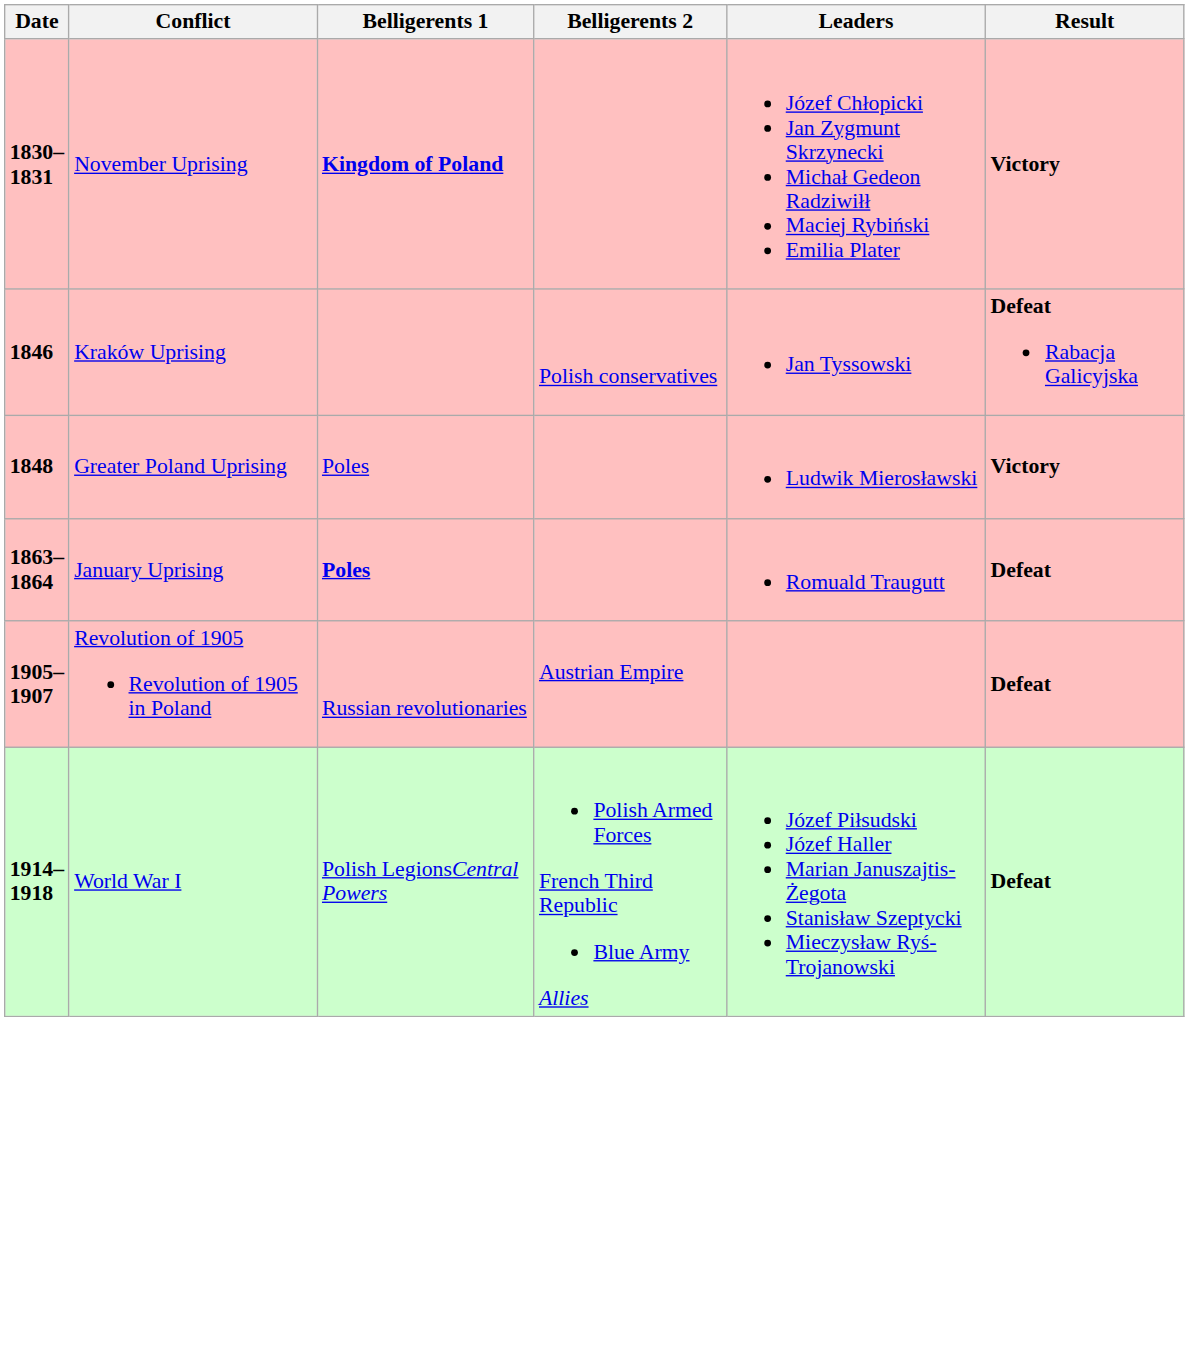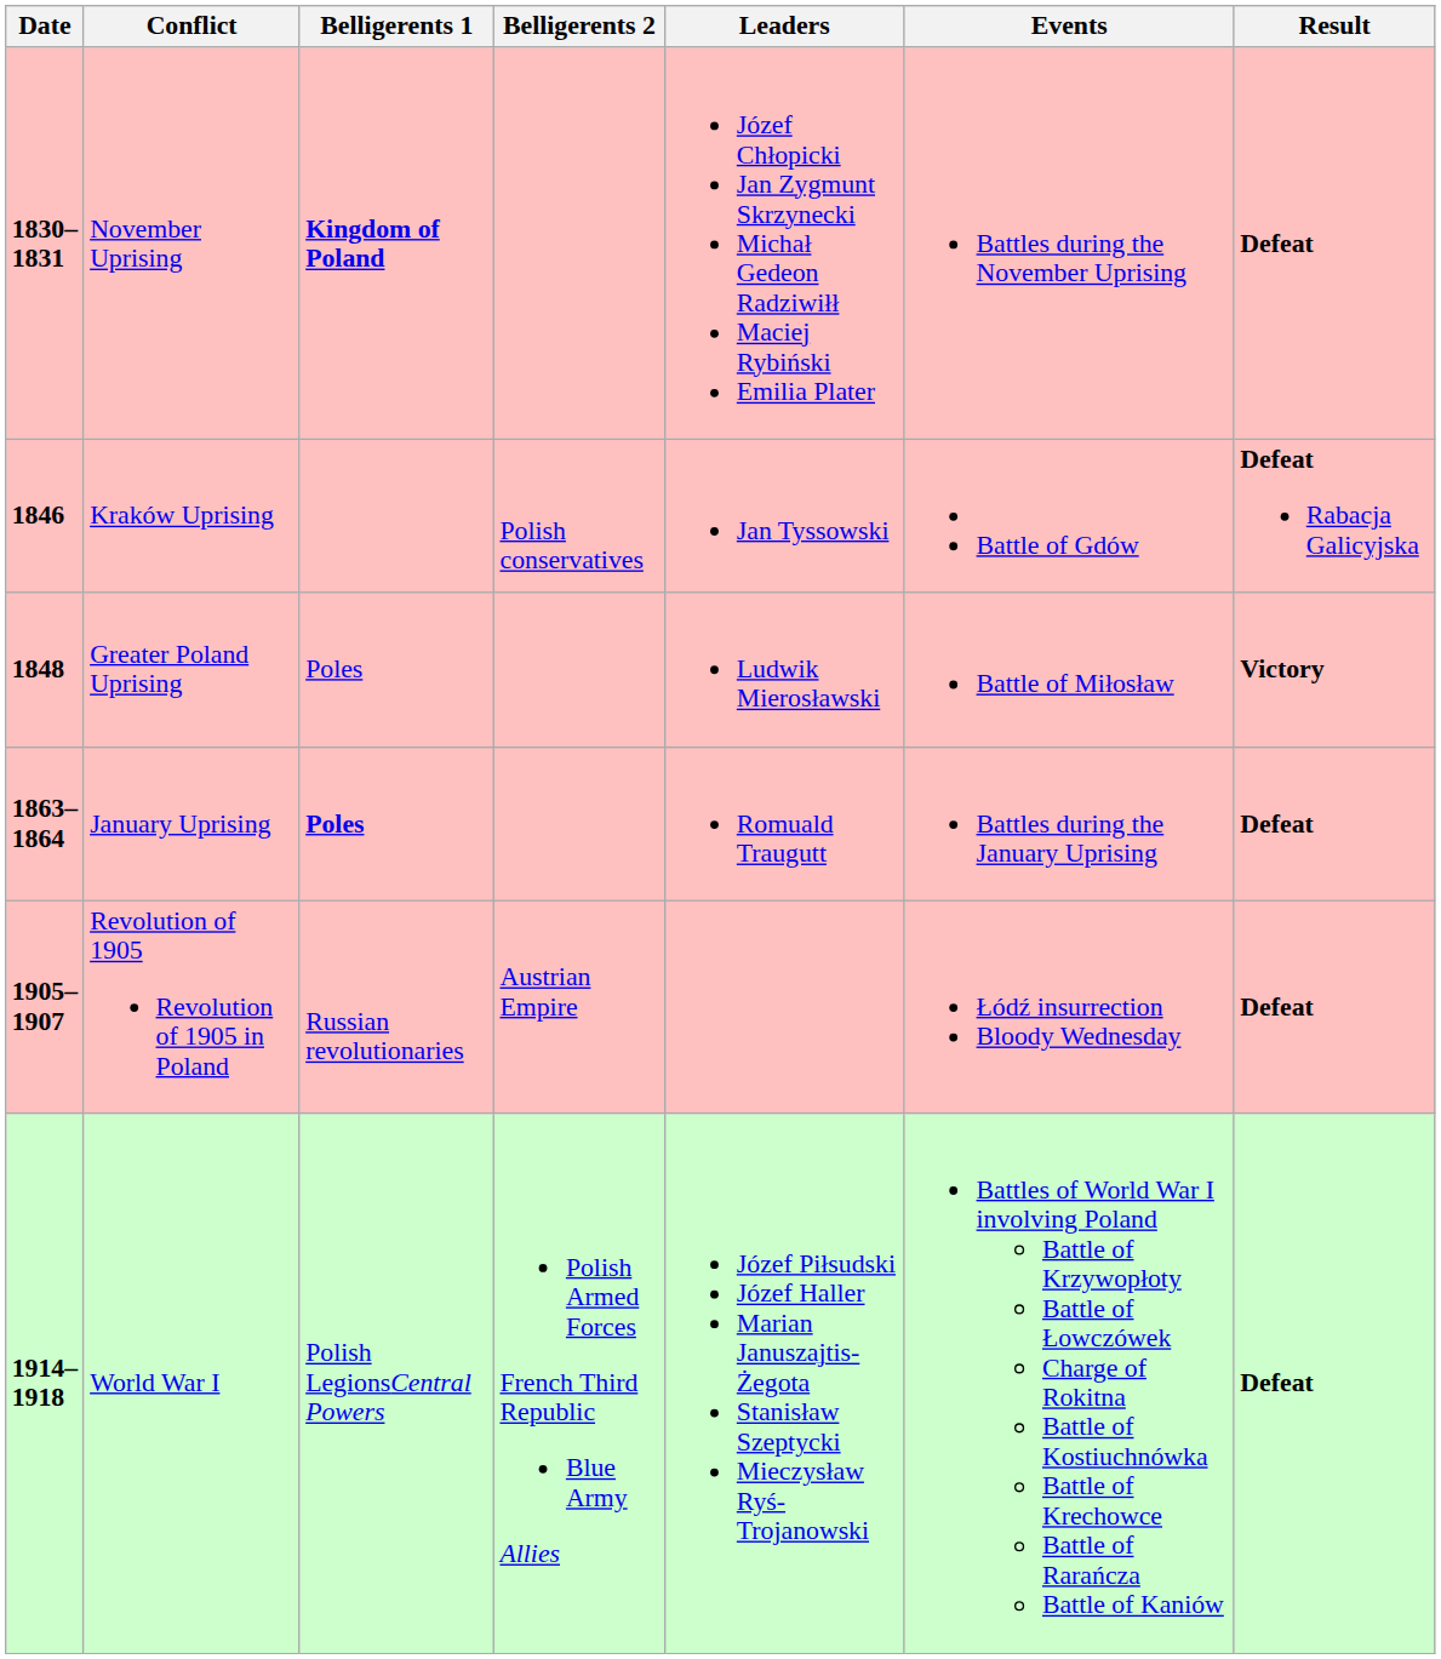 <table class="wikitable sortable">
 <tr>
 <th>Date</th>
 <th>Conflict</th>
 <th>Belligerents 1</th>
 <th>Belligerents 2</th>
 <th>Leaders</th>
+<th>Events</th>
 <th>Result</th>
 </tr>
 <tr ---- bgcolor="#FFC0C0">
 <td><strong>1830–</strong><br><strong>1831</strong></td>
 <td><a href='#'>November Uprising</a></td>
 <td><strong> <a href='#'>Kingdom of Poland</a></strong></td>
 <td></td>
 <td><br><ul><li><a href='#'>Józef Chłopicki</a></li><li><a href='#'>Jan Zygmunt Skrzynecki</a></li><li><a href='#'>Michał Gedeon Radziwiłł</a></li><li><a href='#'>Maciej Rybiński</a></li><li><a href='#'>Emilia Plater</a></li></ul></td>
-<td><strong>Victory</strong></td>
+<td><br><ul><li><a href='#'>Battles during the November Uprising</a></li></ul></td>
+<td><strong>Defeat</strong></td>
 </tr>
 <tr --- bgcolor="#FFC0C0">
 <td><strong>1846</strong></td>
 <td><a href='#'>Kraków Uprising</a></td>
 <td> </td>
 <td><br><br> <a href='#'>Polish conservatives</a></td>
 <td><br><ul><li><a href='#'>Jan Tyssowski</a></li></ul></td>
+<td><br><ul><li></li><li><a href='#'>Battle of Gdów</a></li></ul></td>
 <td><strong>Defeat</strong><br><ul><li><a href='#'>Rabacja Galicyjska</a></li></ul></td>
 </tr>
 <tr --- bgcolor="#FFC0C0">
 <td><strong>1848</strong></td>
 <td><a href='#'>Greater Poland Uprising</a></td>
 <td><a href='#'>Poles</a></td>
 <td></td>
 <td><br><ul><li><a href='#'>Ludwik Mierosławski</a></li></ul></td>
+<td><br><ul><li><a href='#'>Battle of Miłosław</a></li></ul></td>
 <td><strong>Victory</strong></td>
 </tr>
 <tr --- bgcolor="#FFC0C0">
 <td><strong>1863–</strong><br><strong>1864</strong></td>
 <td><a href='#'>January Uprising</a></td>
 <td><strong> <a href='#'>Poles</a></strong></td>
 <td></td>
 <td><br><ul><li><a href='#'>Romuald Traugutt</a></li></ul></td>
+<td><br><ul><li><a href='#'>Battles during the January Uprising</a></li></ul></td>
 <td><strong>Defeat</strong></td>
 </tr>
 <tr --- bgcolor="#FFC0C0">
 <td><strong>1905–</strong><br><strong>1907</strong></td>
 <td><a href='#'>Revolution of 1905</a><br><ul><li><a href='#'>Revolution of 1905 in Poland</a></li></ul></td>
 <td> <br><br> <a href='#'>Russian revolutionaries</a></td>
 <td> <a href='#'>Austrian Empire</a><br><br></td>
 <td></td>
+<td><br><ul><li><a href='#'>Łódź insurrection</a></li><li><a href='#'>Bloody Wednesday</a></li></ul></td>
 <td><strong>Defeat</strong></td>
 </tr>
 <tr -- bgcolor="#CCFFCC">
 <td><strong>1914–</strong><br><strong>1918</strong></td>
 <td><a href='#'>World War I</a></td>
 <td> <a href='#'>Polish Legions</a><em><a href='#'>Central Powers</a></em></td>
 <td><br><ul><li> <a href='#'>Polish Armed Forces</a></li></ul>  <a href='#'>French Third Republic</a><ul><li> <a href='#'>Blue Army</a></li></ul><em><a href='#'>Allies</a></em></td>
 <td><br><ul><li><a href='#'>Józef Piłsudski</a></li><li><a href='#'>Józef Haller</a></li><li><a href='#'>Marian Januszajtis-Żegota</a></li><li><a href='#'>Stanisław Szeptycki</a></li><li><a href='#'>Mieczysław Ryś-Trojanowski</a></li></ul></td>
+<td><br><ul><li><a href='#'>Battles of World War I involving Poland</a><ul><li><a href='#'>Battle of Krzywopłoty</a></li><li><a href='#'>Battle of Łowczówek</a></li><li><a href='#'>Charge of Rokitna</a></li><li><a href='#'>Battle of Kostiuchnówka</a></li><li><a href='#'>Battle of Krechowce</a></li><li><a href='#'>Battle of Rarańcza</a></li><li><a href='#'>Battle of Kaniów</a></li></ul></li></ul></td>
 <td><strong>Defeat</strong></td>
 </tr>
 </table>
